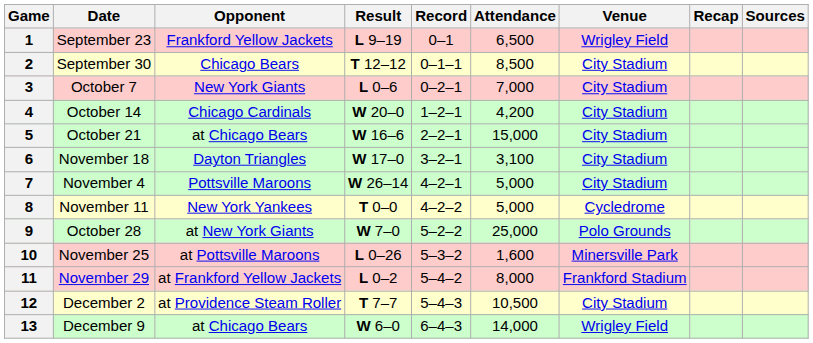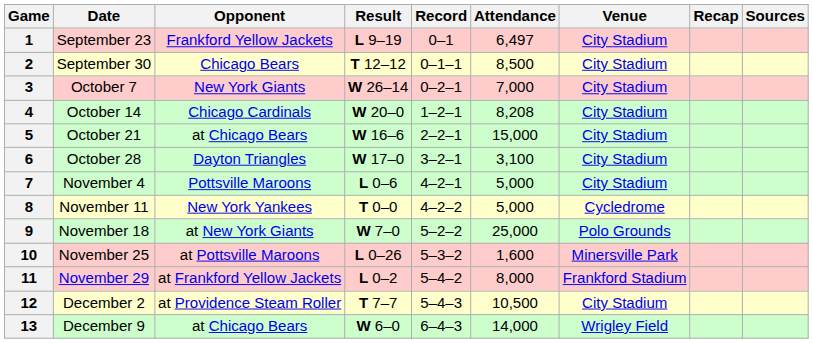 <table class="wikitable" style="text-align:center">
 <tr>
 <th>Game</th>
 <th>Date</th>
 <th>Opponent</th>
 <th>Result</th>
 <th>Record</th>
 <th>Attendance</th>
 <th>Venue</th>
 <th>Recap</th>
 <th>Sources</th>
 </tr>
 <tr style="background:#fcc">
 <th>1</th>
 <td>September 23</td>
 <td><a href='#'>Frankford Yellow Jackets</a></td>
 <td><strong>L</strong> 9–19</td>
 <td>0–1</td>
-<td>6,500</td>
-<td><a href='#'>Wrigley Field</a></td>
+<td>6,497</td>
+<td><a href='#'>City Stadium</a></td>
 <td></td>
 <td></td>
 </tr>
 <tr style="background:#ffc">
 <th>2</th>
 <td>September 30</td>
 <td><a href='#'>Chicago Bears</a></td>
 <td><strong>T</strong> 12–12</td>
 <td>0–1–1</td>
 <td>8,500</td>
 <td><a href='#'>City Stadium</a></td>
 <td></td>
 <td></td>
 </tr>
 <tr style="background:#fcc">
 <th>3</th>
 <td>October 7</td>
 <td><a href='#'>New York Giants</a></td>
-<td><strong>L</strong> 0–6</td>
+<td><strong>W</strong> 26–14</td>
 <td>0–2–1</td>
 <td>7,000 </td>
 <td><a href='#'>City Stadium</a></td>
 <td></td>
 <td></td>
 </tr>
 <tr style="background:#cfc">
 <th>4</th>
 <td>October 14</td>
 <td><a href='#'>Chicago Cardinals</a></td>
 <td><strong>W</strong> 20–0</td>
 <td>1–2–1</td>
-<td>4,200</td>
+<td>8,208</td>
 <td><a href='#'>City Stadium</a></td>
 <td></td>
 <td></td>
 </tr>
 <tr style="background:#cfc">
 <th>5</th>
 <td>October 21</td>
 <td>at <a href='#'>Chicago Bears</a></td>
 <td><strong>W</strong> 16–6</td>
 <td>2–2–1</td>
 <td>15,000</td>
 <td><a href='#'>City Stadium</a></td>
 <td></td>
 <td></td>
 </tr>
 <tr style="background:#cfc">
 <th>6</th>
-<td>November 18</td>
+<td>October 28</td>
 <td><a href='#'>Dayton Triangles</a></td>
 <td><strong>W</strong> 17–0</td>
 <td>3–2–1</td>
 <td>3,100</td>
 <td><a href='#'>City Stadium</a></td>
 <td></td>
 <td></td>
 </tr>
 <tr style="background:#cfc">
 <th>7</th>
 <td>November 4</td>
 <td><a href='#'>Pottsville Maroons</a></td>
-<td><strong>W</strong> 26–14</td>
+<td><strong>L</strong> 0–6</td>
 <td>4–2–1</td>
 <td>5,000</td>
 <td><a href='#'>City Stadium</a></td>
 <td></td>
 <td></td>
 </tr>
 <tr style="background:#ffc">
 <th>8</th>
 <td>November 11</td>
 <td><a href='#'>New York Yankees</a></td>
 <td><strong>T</strong> 0–0</td>
 <td>4–2–2</td>
 <td>5,000</td>
 <td><a href='#'>Cycledrome</a></td>
 <td></td>
 <td></td>
 </tr>
 <tr style="background:#cfc">
 <th>9</th>
-<td>October 28</td>
+<td>November 18</td>
 <td>at <a href='#'>New York Giants</a></td>
 <td><strong>W</strong> 7–0</td>
 <td>5–2–2</td>
 <td>25,000 </td>
 <td><a href='#'>Polo Grounds</a></td>
 <td></td>
 <td></td>
 </tr>
 <tr style="background:#fcc">
 <th>10</th>
 <td>November 25</td>
 <td>at <a href='#'>Pottsville Maroons</a></td>
 <td><strong>L</strong> 0–26</td>
 <td>5–3–2</td>
 <td>1,600</td>
 <td><a href='#'>Minersville Park</a></td>
 <td></td>
 <td></td>
 </tr>
 <tr style="background:#fcc">
 <th>11</th>
 <td><a href='#'>November 29</a></td>
 <td>at <a href='#'>Frankford Yellow Jackets</a></td>
 <td><strong>L</strong> 0–2</td>
 <td>5–4–2</td>
 <td>8,000</td>
 <td><a href='#'>Frankford Stadium</a></td>
 <td></td>
 <td></td>
 </tr>
 <tr style="background:#ffc">
 <th>12</th>
 <td>December 2</td>
 <td>at <a href='#'>Providence Steam Roller</a></td>
 <td><strong>T</strong> 7–7</td>
 <td>5–4–3</td>
 <td>10,500 </td>
 <td><a href='#'>City Stadium</a></td>
 <td></td>
 <td></td>
 </tr>
 <tr style="background:#cfc">
 <th>13</th>
 <td>December 9</td>
 <td>at <a href='#'>Chicago Bears</a></td>
 <td><strong>W</strong> 6–0</td>
 <td>6–4–3</td>
 <td>14,000</td>
 <td><a href='#'>Wrigley Field</a></td>
 <td></td>
 <td></td>
 </tr>
 </table>
